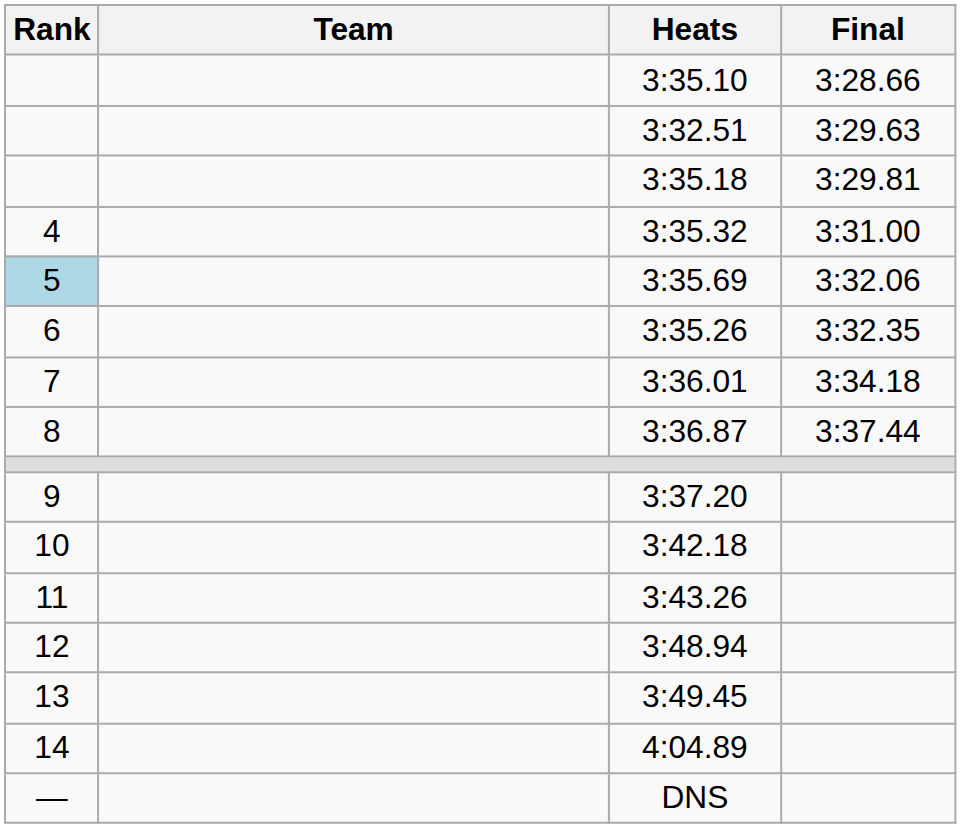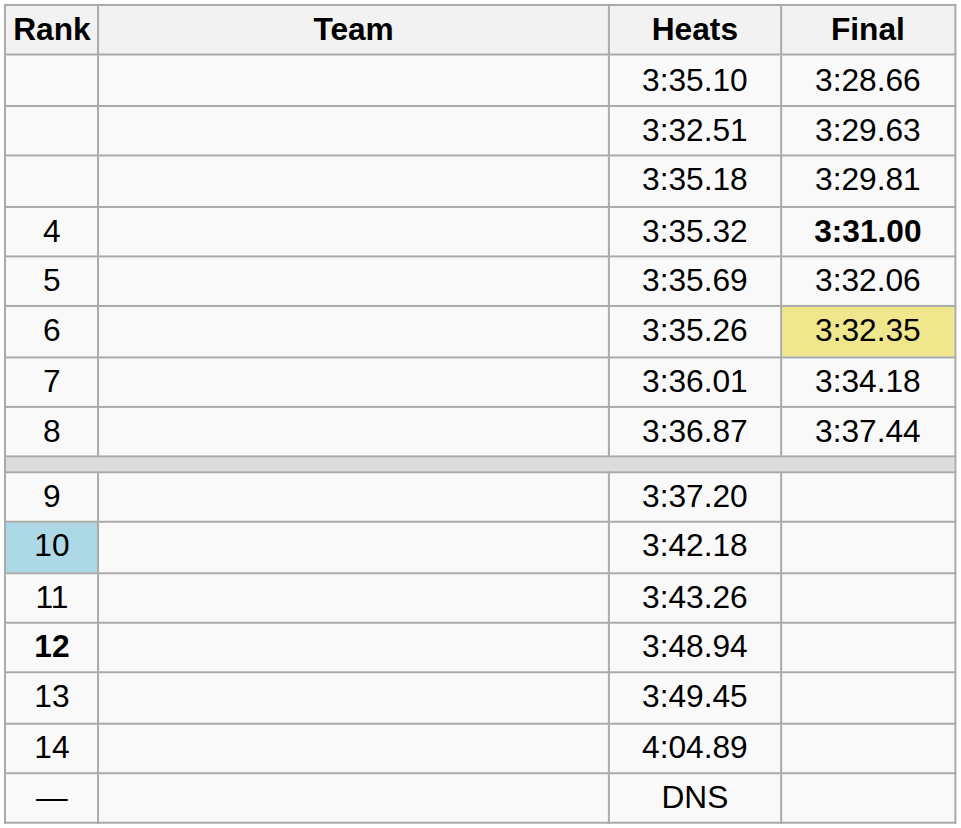 <table class=wikitable style="text-align:center">
 <tr>
 <th width=40>Rank</th>
 <th width=250>Team</th>
 <th width=80>Heats</th>
 <th width=80>Final</th>
 </tr>
 <tr>
 <td></td>
 <td align=left></td>
 <td>3:35.10</td>
 <td>3:28.66</td>
 </tr>
 <tr>
 <td></td>
 <td align=left></td>
 <td>3:32.51</td>
 <td>3:29.63</td>
 </tr>
 <tr>
 <td></td>
 <td align=left></td>
 <td>3:35.18</td>
 <td>3:29.81</td>
 </tr>
 <tr>
 <td>4</td>
 <td align=left></td>
 <td>3:35.32</td>
-<td>3:31.00</td>
+<td><strong>3:31.00</strong></td>
 </tr>
 <tr>
-<td style="background: lightblue;">5</td>
+<td>5</td>
 <td align=left></td>
 <td>3:35.69</td>
 <td>3:32.06</td>
 </tr>
 <tr>
 <td>6</td>
 <td align=left></td>
 <td>3:35.26</td>
-<td>3:32.35</td>
+<td style="background: khaki;">3:32.35</td>
 </tr>
 <tr>
 <td>7</td>
 <td align=left></td>
 <td>3:36.01</td>
 <td>3:34.18</td>
 </tr>
 <tr>
 <td>8</td>
 <td align=left></td>
 <td>3:36.87</td>
 <td>3:37.44</td>
 </tr>
 <tr bgcolor=#DDDDDD>
 <td colspan=4></td>
 </tr>
 <tr>
 <td>9</td>
 <td align=left></td>
 <td>3:37.20</td>
 <td></td>
 </tr>
 <tr>
-<td>10</td>
+<td style="background: lightblue;">10</td>
 <td align=left></td>
 <td>3:42.18</td>
 <td></td>
 </tr>
 <tr>
 <td>11</td>
 <td align=left></td>
 <td>3:43.26</td>
 <td></td>
 </tr>
 <tr>
-<td>12</td>
+<td><strong>12</strong></td>
 <td align=left></td>
 <td>3:48.94</td>
 <td></td>
 </tr>
 <tr>
 <td>13</td>
 <td align=left></td>
 <td>3:49.45</td>
 <td></td>
 </tr>
 <tr>
 <td>14</td>
 <td align=left></td>
 <td>4:04.89</td>
 <td></td>
 </tr>
 <tr>
 <td>—</td>
 <td align=left></td>
 <td>DNS</td>
 <td></td>
 </tr>
 </table>
